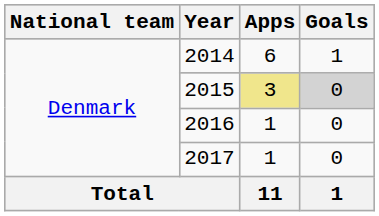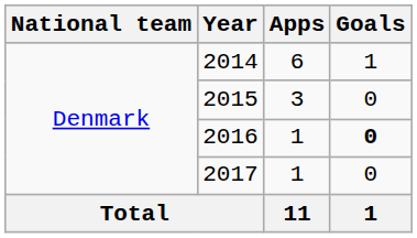 <table class="wikitable" style="text-align:center">
 <tr>
 <th>National team</th>
 <th>Year</th>
 <th>Apps</th>
 <th>Goals</th>
 </tr>
 <tr>
 <td rowspan="4"><a href='#'>Denmark</a></td>
 <td>2014</td>
 <td>6</td>
 <td>1</td>
 </tr>
 <tr>
 <td>2015</td>
-<td style="background: khaki;">3</td>
-<td style="background: lightgrey;">0</td>
+<td>3</td>
+<td>0</td>
 </tr>
 <tr>
 <td>2016</td>
 <td>1</td>
-<td>0</td>
+<td><strong>0</strong></td>
 </tr>
 <tr>
 <td>2017</td>
 <td>1</td>
 <td>0</td>
 </tr>
 <tr>
 <th colspan="2">Total</th>
 <th>11</th>
 <th>1</th>
 </tr>
 </table>
